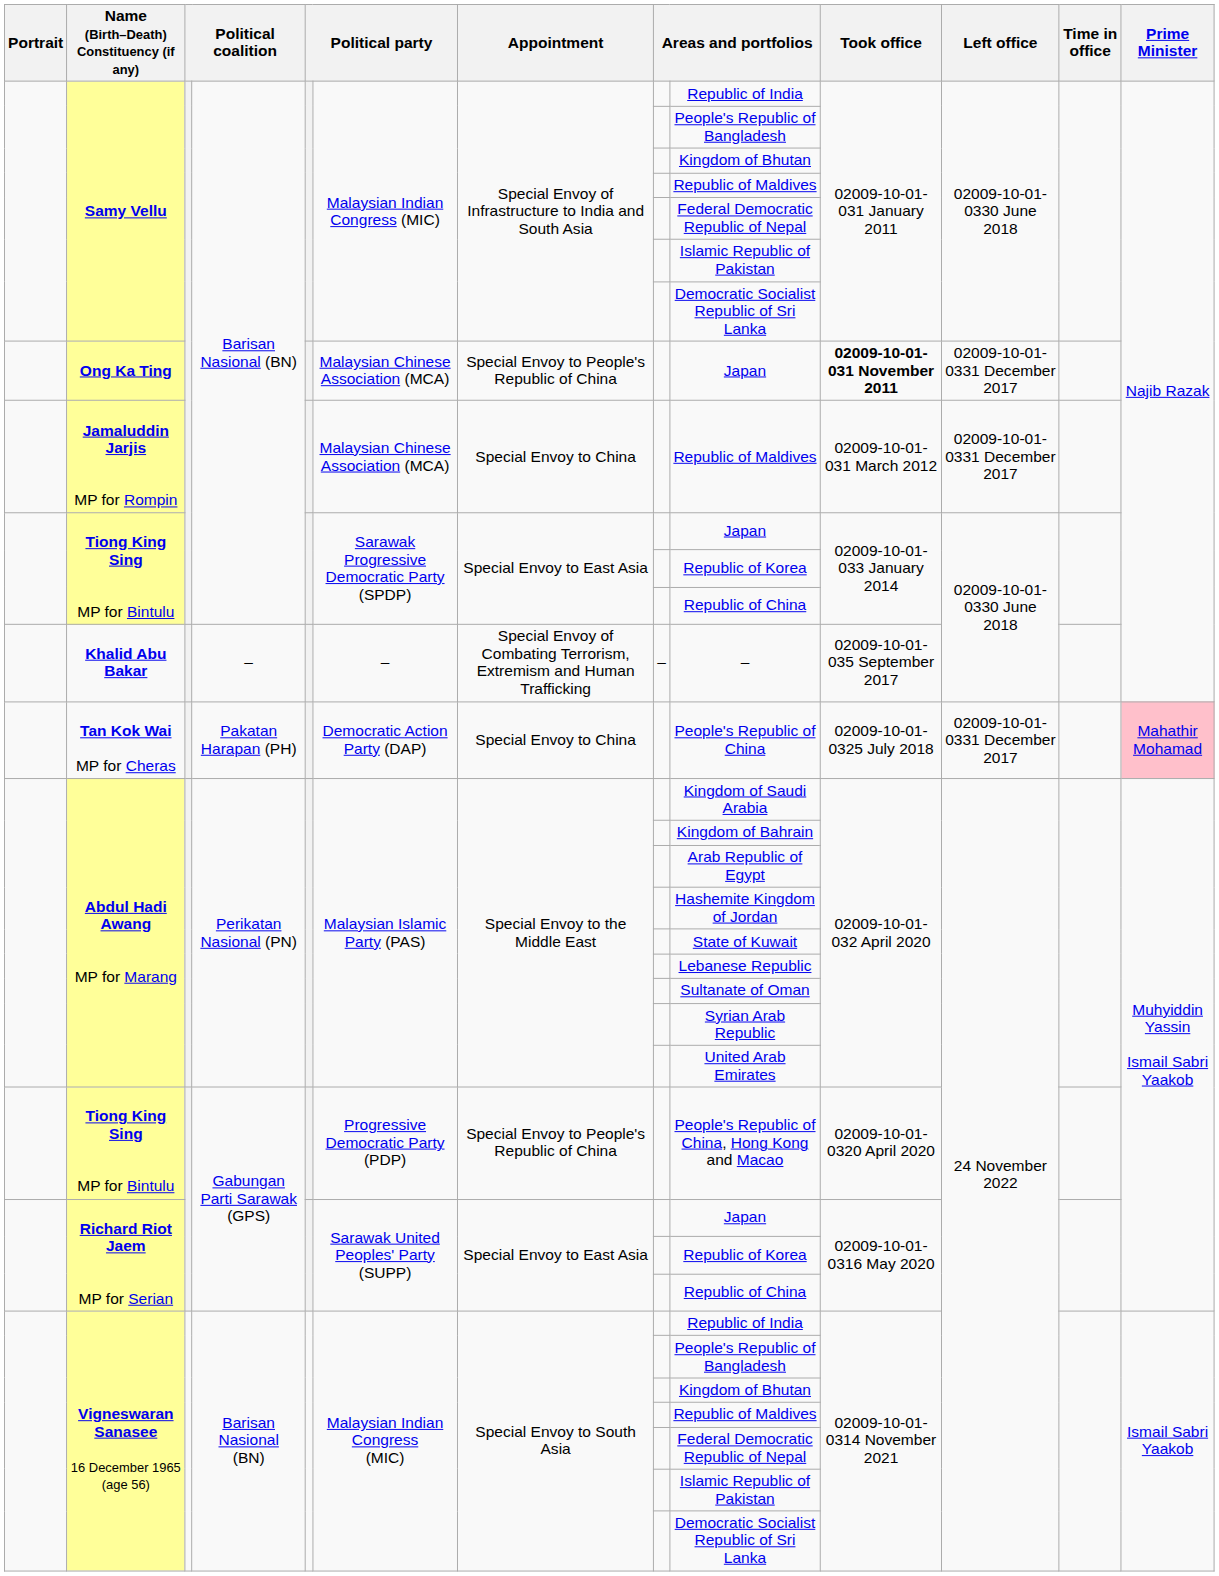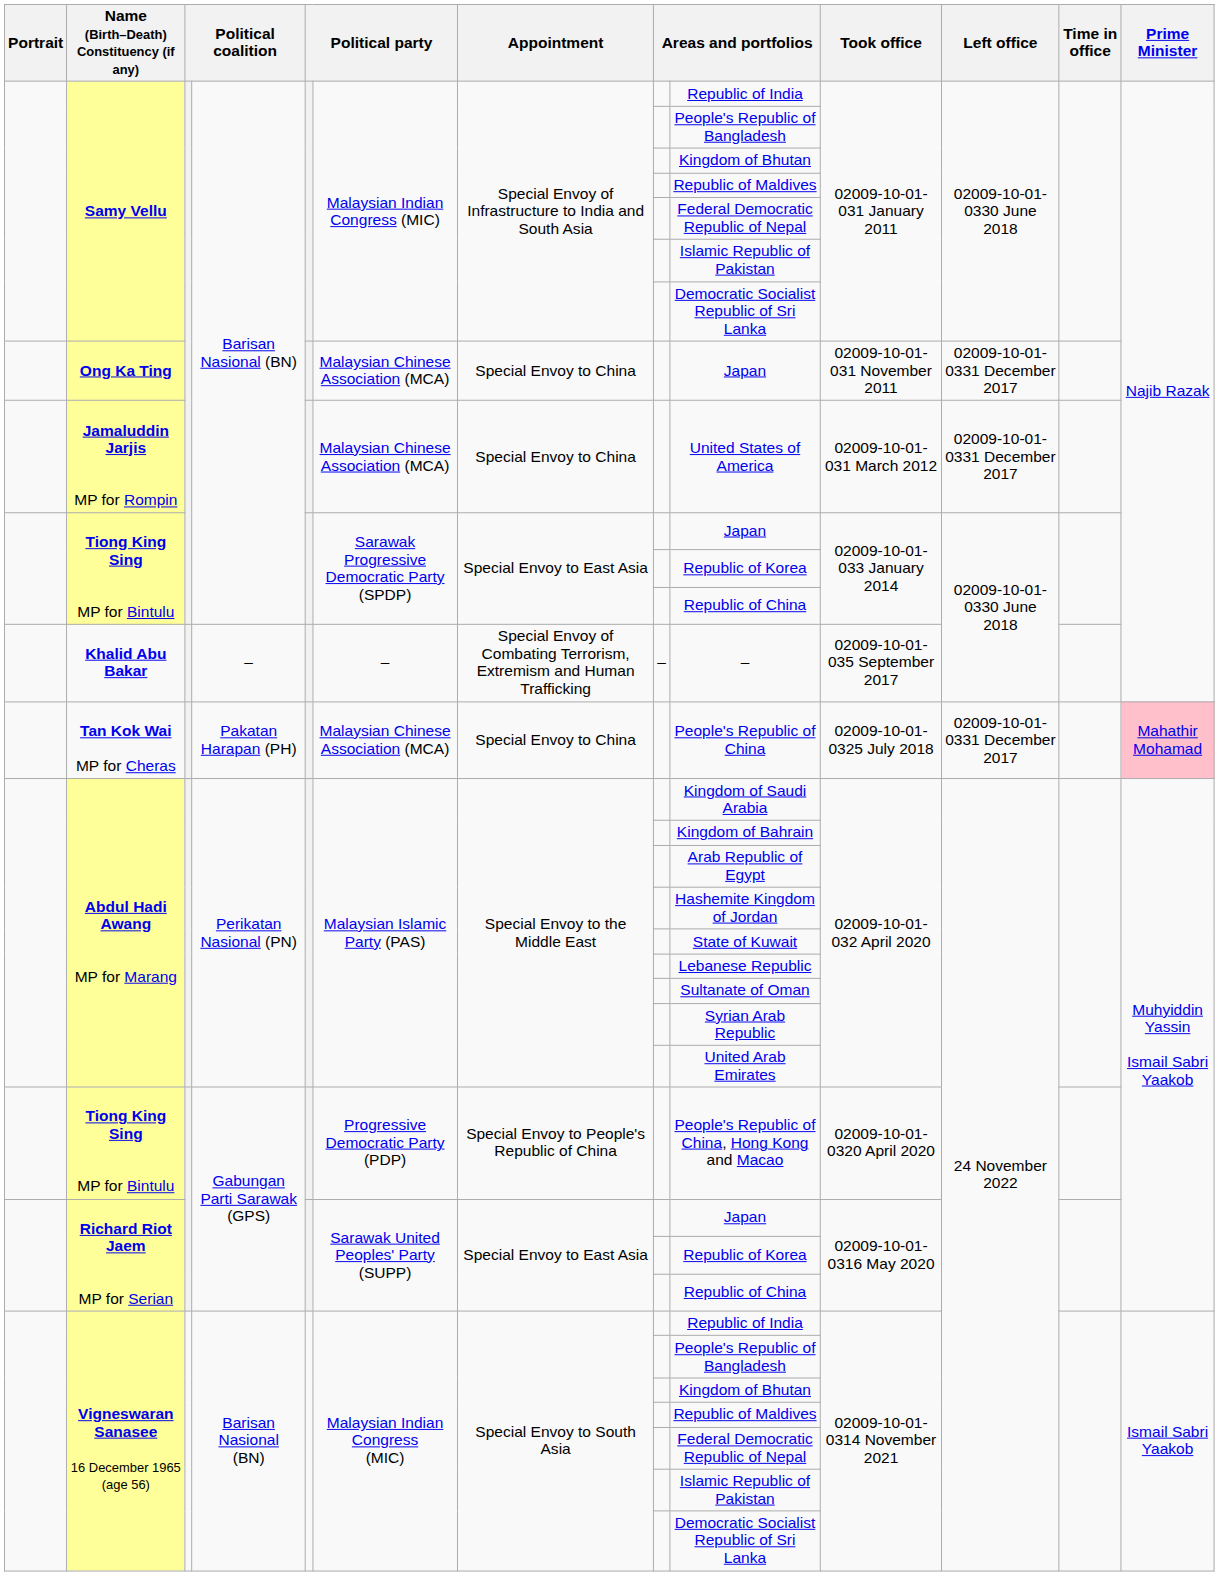 <table class="wikitable" style="text-align:center;">
 <tr>
 <th>Portrait</th>
 <th>Name<br><small>(Birth–Death)<br>Constituency (if any)</small></th>
 <th colspan="2">Political coalition</th>
 <th colspan="2">Political party</th>
 <th>Appointment</th>
 <th colspan="2">Areas and portfolios</th>
 <th>Took office</th>
 <th>Left office</th>
 <th>Time in office</th>
 <th><a href='#'>Prime Minister</a></th>
 </tr>
 <tr>
 <td rowspan="7"></td>
 <td rowspan="7" bgcolor="#ffff99"><br><strong><a href='#'>Samy Vellu</a></strong><br><br></td>
 <th rowspan="12" style="background:"></th>
 <td rowspan="12"><a href='#'>Barisan Nasional</a> (BN)</td>
 <th rowspan="7" style="background:"></th>
 <td rowspan="7"><a href='#'>Malaysian Indian Congress</a> (MIC)</td>
 <td rowspan="7">Special Envoy of Infrastructure to India and South Asia<br></td>
 <td></td>
 <td><a href='#'>Republic of India</a></td>
 <td rowspan="7"><span>02009-10-01-03</span>1 January 2011</td>
 <td rowspan="7"><span>02009-10-01-03</span>30 June 2018</td>
 <td rowspan="7"></td>
 <td rowspan="13"><a href='#'>Najib Razak</a></td>
 </tr>
 <tr>
 <td></td>
 <td><a href='#'>People's Republic of Bangladesh</a></td>
 </tr>
 <tr>
 <td></td>
 <td><a href='#'>Kingdom of Bhutan</a></td>
 </tr>
 <tr>
 <td></td>
 <td><a href='#'>Republic of Maldives</a></td>
 </tr>
 <tr>
 <td></td>
 <td><a href='#'>Federal Democratic Republic of Nepal</a></td>
 </tr>
 <tr>
 <td></td>
 <td><a href='#'>Islamic Republic of Pakistan</a></td>
 </tr>
 <tr>
 <td></td>
 <td><a href='#'>Democratic Socialist Republic of Sri Lanka</a></td>
 </tr>
 <tr>
 <td></td>
 <td bgcolor="#ffff99"><br><strong><a href='#'>Ong Ka Ting</a></strong><br><br></td>
 <th style="background:"></th>
 <td><a href='#'>Malaysian Chinese Association</a> (MCA)</td>
-<td>Special Envoy to People's Republic of China<br></td>
+<td>Special Envoy to China<br></td>
 <td></td>
 <td><a href='#'>Japan</a></td>
-<td><strong><span>02009-10-01-03</span>1 November 2011</strong></td>
+<td><span>02009-10-01-03</span>1 November 2011</td>
 <td><span>02009-10-01-03</span>31 December 2017</td>
 <td></td>
 </tr>
 <tr>
 <td></td>
 <td bgcolor="#ffff99"><br><strong><a href='#'>Jamaluddin Jarjis</a></strong><br><br><br>MP for <a href='#'>Rompin</a></td>
 <th style="background:"></th>
 <td><a href='#'>Malaysian Chinese Association</a> (MCA)</td>
 <td>Special Envoy to China<br></td>
 <td></td>
-<td><a href='#'>Republic of Maldives</a></td>
+<td><a href='#'>United States of America</a></td>
 <td><span>02009-10-01-03</span>1 March 2012</td>
 <td><span>02009-10-01-03</span>31 December 2017</td>
 <td></td>
 </tr>
 <tr>
 <td rowspan="3"></td>
 <td bgcolor="#ffff99" rowspan="3"><br><strong><a href='#'>Tiong King Sing</a></strong><br><br><br>MP for <a href='#'>Bintulu</a></td>
 <th rowspan="3" style="background:"></th>
 <td rowspan="3"><a href='#'>Sarawak Progressive Democratic Party</a> (SPDP)</td>
 <td rowspan="3">Special Envoy to East Asia<br></td>
 <td></td>
 <td><a href='#'>Japan</a></td>
 <td rowspan="3"><span>02009-10-01-03</span>3 January 2014</td>
 <td rowspan="4"><span>02009-10-01-03</span>30 June 2018</td>
 <td rowspan="3"></td>
 </tr>
 <tr>
 <td></td>
 <td><a href='#'>Republic of Korea</a></td>
 </tr>
 <tr>
 <td></td>
 <td><a href='#'>Republic of China</a></td>
 </tr>
 <tr>
 <td></td>
 <td><br><strong><a href='#'>Khalid Abu Bakar</a></strong><br><br></td>
 <th></th>
 <td>–</td>
 <th></th>
 <td>–</td>
 <td>Special Envoy of Combating Terrorism, Extremism and Human Trafficking<br></td>
 <td>–</td>
 <td>–</td>
 <td><span>02009-10-01-03</span>5 September 2017</td>
 <td></td>
 </tr>
 <tr>
 <td></td>
 <td><br><strong><a href='#'>Tan Kok Wai</a></strong><br><br>MP for <a href='#'>Cheras</a></td>
 <th style="background:"></th>
 <td><a href='#'>Pakatan Harapan</a> (PH)</td>
 <th style="background:"></th>
-<td><a href='#'>Democratic Action Party</a> (DAP)</td>
+<td><a href='#'>Malaysian Chinese Association</a> (MCA)</td>
 <td>Special Envoy to China<br></td>
 <td></td>
 <td><a href='#'>People's Republic of China</a></td>
 <td><span>02009-10-01-03</span>25 July 2018</td>
 <td><span>02009-10-01-03</span>31 December 2017</td>
 <td></td>
 <td style="background: pink;"><a href='#'>Mahathir Mohamad</a></td>
 </tr>
 <tr>
 <td rowspan="9"></td>
 <td rowspan="9" bgcolor="#ffff99"><br><strong><a href='#'>Abdul Hadi Awang</a></strong><br><br><br>MP for <a href='#'>Marang</a></td>
 <th rowspan="9" style="background:"></th>
 <td rowspan="9"><a href='#'>Perikatan Nasional</a> (PN)</td>
 <th rowspan="9" style="background:"></th>
 <td rowspan="9"><a href='#'>Malaysian Islamic Party</a> (PAS)</td>
 <td rowspan="9">Special Envoy to the Middle East<br></td>
 <td></td>
 <td><a href='#'>Kingdom of Saudi Arabia</a></td>
 <td rowspan="9"><span>02009-10-01-03</span>2 April 2020</td>
 <td rowspan="20">24 November 2022</td>
 <td rowspan="9"></td>
 <td rowspan="13"><a href='#'>Muhyiddin Yassin</a> <br> <br> <a href='#'>Ismail Sabri Yaakob</a> <br></td>
 </tr>
 <tr>
 <td></td>
 <td><a href='#'>Kingdom of Bahrain</a></td>
 </tr>
 <tr>
 <td></td>
 <td><a href='#'>Arab Republic of Egypt</a></td>
 </tr>
 <tr>
 <td></td>
 <td><a href='#'>Hashemite Kingdom of Jordan</a></td>
 </tr>
 <tr>
 <td></td>
 <td><a href='#'>State of Kuwait</a></td>
 </tr>
 <tr>
 <td></td>
 <td><a href='#'>Lebanese Republic</a></td>
 </tr>
 <tr>
 <td></td>
 <td><a href='#'>Sultanate of Oman</a></td>
 </tr>
 <tr>
 <td></td>
 <td><a href='#'>Syrian Arab Republic</a></td>
 </tr>
 <tr>
 <td></td>
 <td><a href='#'>United Arab Emirates</a></td>
 </tr>
 <tr>
 <td></td>
 <td bgcolor="#ffff99"><br><strong><a href='#'>Tiong King Sing</a></strong><br><br><br>MP for <a href='#'>Bintulu</a></td>
 <th rowspan="4" style="background:"></th>
 <td rowspan="4"><a href='#'>Gabungan Parti Sarawak</a> (GPS)</td>
 <th style="background:"></th>
 <td><a href='#'>Progressive Democratic Party</a> (PDP)</td>
 <td>Special Envoy to People's Republic of China<br></td>
 <td></td>
 <td><a href='#'>People's Republic of China</a>, <a href='#'>Hong Kong</a> and <a href='#'>Macao</a></td>
 <td><span>02009-10-01-03</span>20 April 2020</td>
 <td></td>
 </tr>
 <tr>
 <td rowspan="3"></td>
 <td bgcolor="#ffff99" rowspan="3"><br><strong><a href='#'>Richard Riot Jaem</a></strong><br><br><br>MP for <a href='#'>Serian</a></td>
 <th rowspan="3" style="background:"></th>
 <td rowspan="3"><a href='#'>Sarawak United Peoples' Party</a> (SUPP)</td>
 <td rowspan="3">Special Envoy to East Asia<br></td>
 <td></td>
 <td><a href='#'>Japan</a></td>
 <td rowspan="3"><span>02009-10-01-03</span>16 May 2020</td>
 <td rowspan="3"></td>
 </tr>
 <tr>
 <td></td>
 <td><a href='#'>Republic of Korea</a></td>
 </tr>
 <tr>
 <td></td>
 <td><a href='#'>Republic of China</a></td>
 </tr>
 <tr>
 <td rowspan="7"></td>
 <td bgcolor="#ffff99" rowspan="7"><br><strong><a href='#'>Vigneswaran Sanasee</a></strong><br><br> <small>16 December 1965 <br> (age 56)</small></td>
 <td rowspan="7" style="background:"></td>
 <td rowspan="7"><a href='#'>Barisan Nasional</a><br>(BN)</td>
 <td rowspan="7" style="background:"></td>
 <td rowspan="7"><a href='#'>Malaysian Indian Congress</a><br>(MIC)</td>
 <td rowspan="7">Special Envoy to South Asia</td>
 <td></td>
 <td><a href='#'>Republic of India</a></td>
 <td rowspan="7"><span>02009-10-01-03</span>14 November 2021</td>
 <td rowspan="7"></td>
 <td rowspan="7"><a href='#'>Ismail Sabri Yaakob</a> <br></td>
 </tr>
 <tr>
 <td></td>
 <td><a href='#'>People's Republic of Bangladesh</a></td>
 </tr>
 <tr>
 <td></td>
 <td><a href='#'>Kingdom of Bhutan</a></td>
 </tr>
 <tr>
 <td></td>
 <td><a href='#'>Republic of Maldives</a></td>
 </tr>
 <tr>
 <td></td>
 <td><a href='#'>Federal Democratic Republic of Nepal</a></td>
 </tr>
 <tr>
 <td></td>
 <td><a href='#'>Islamic Republic of Pakistan</a></td>
 </tr>
 <tr>
 <td></td>
 <td><a href='#'>Democratic Socialist Republic of Sri Lanka</a></td>
 </tr>
 </table>
